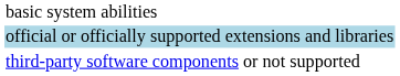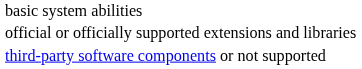 <table>
 <tr>
 <td>basic system abilities</td>
 </tr>
 <tr>
-<td style="background: lightblue;">official or officially supported extensions and libraries</td>
+<td>official or officially supported extensions and libraries</td>
 </tr>
 <tr>
 <td><a href='#'>third-party software components</a> or not supported</td>
 </tr>
 </table>
